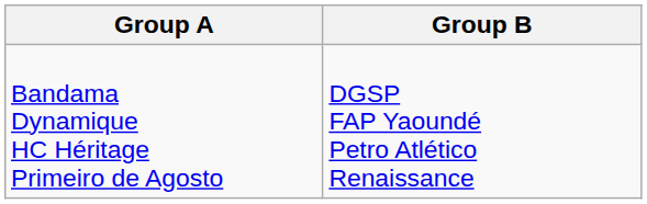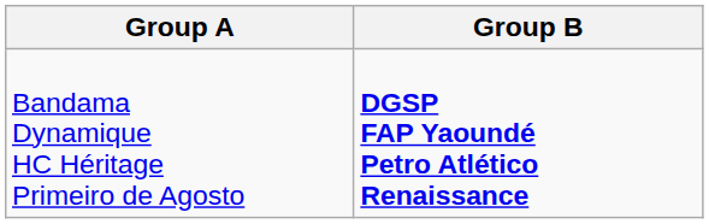 <table class="wikitable">
 <tr>
 <th width=195px>Group A</th>
 <th width=195px>Group B</th>
 </tr>
 <tr>
 <td valign=top><br> <a href='#'>Bandama</a><br>  <a href='#'>Dynamique</a><br>  <a href='#'>HC Héritage</a><br>  <a href='#'>Primeiro de Agosto</a></td>
-<td valign=top><br> <a href='#'>DGSP</a><br>  <a href='#'>FAP Yaoundé</a><br>  <a href='#'>Petro Atlético</a><br>  <a href='#'>Renaissance</a></td>
+<td valign=top><strong><br> <a href='#'>DGSP</a><br>  <a href='#'>FAP Yaoundé</a><br>  <a href='#'>Petro Atlético</a><br>  <a href='#'>Renaissance</a></strong></td>
 </tr>
 </table>
